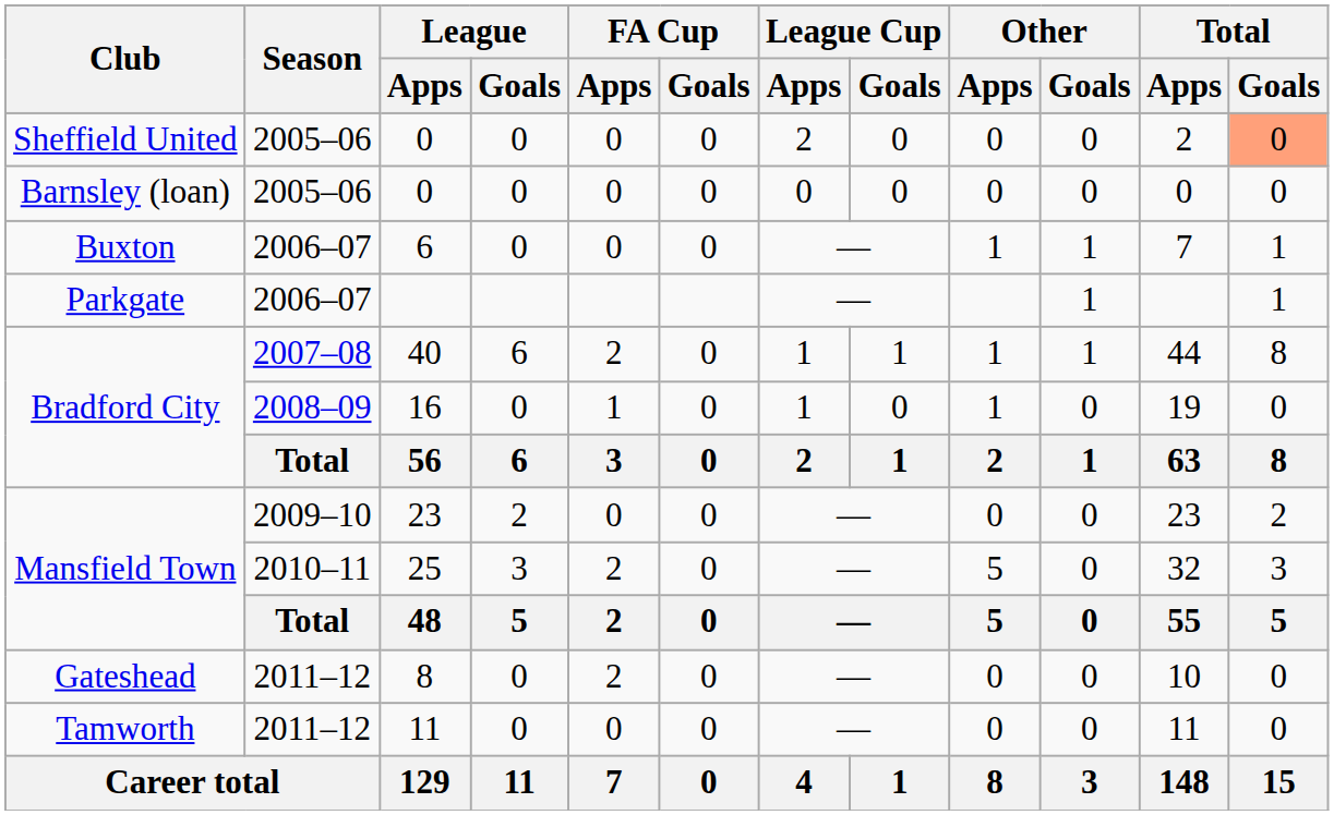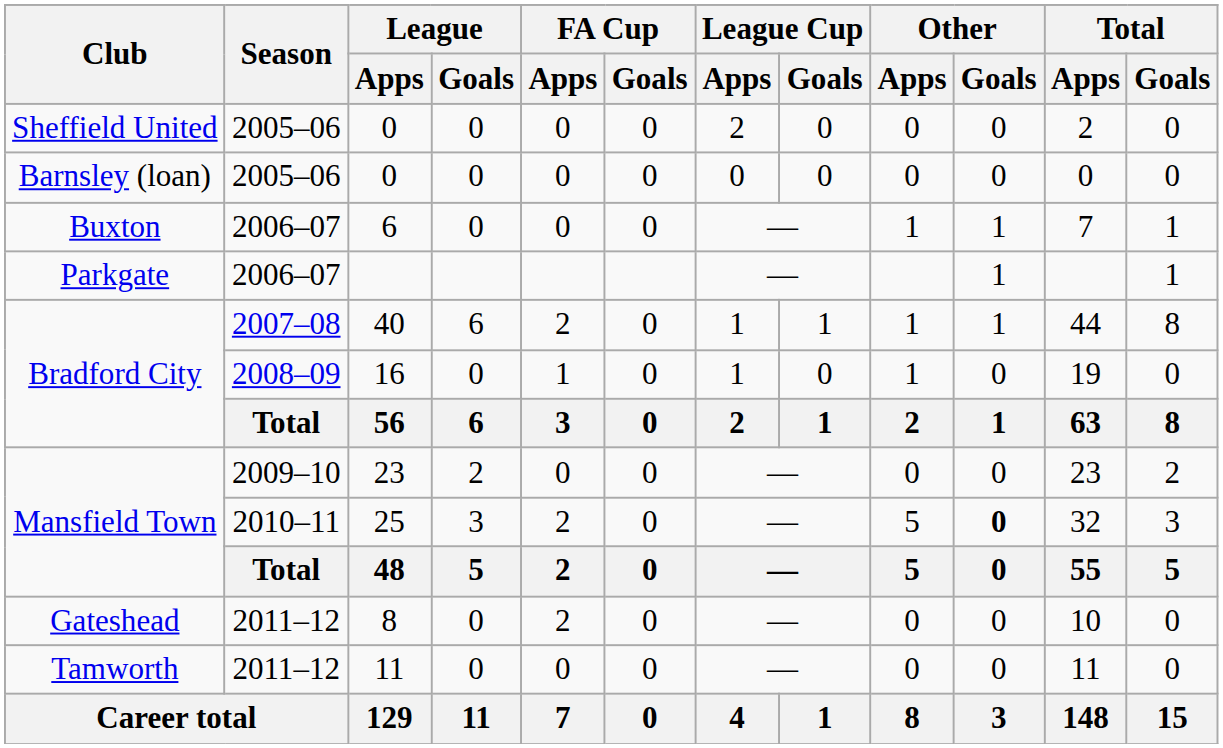 <table class="wikitable" style="text-align:center">
 <tr>
 <th rowspan="2">Club</th>
 <th rowspan="2">Season</th>
 <th colspan="2">League</th>
 <th colspan="2">FA Cup</th>
 <th colspan="2">League Cup</th>
 <th colspan="2">Other</th>
 <th colspan="2">Total</th>
 </tr>
 <tr>
 <th>Apps</th>
 <th>Goals</th>
 <th>Apps</th>
 <th>Goals</th>
 <th>Apps</th>
 <th>Goals</th>
 <th>Apps</th>
 <th>Goals</th>
 <th>Apps</th>
 <th>Goals</th>
 </tr>
 <tr>
 <td><a href='#'>Sheffield United</a></td>
 <td>2005–06</td>
 <td>0</td>
 <td>0</td>
 <td>0</td>
 <td>0</td>
 <td>2</td>
 <td>0</td>
 <td>0</td>
 <td>0</td>
 <td>2</td>
-<td style="background: lightsalmon;">0</td>
+<td>0</td>
 </tr>
 <tr>
 <td><a href='#'>Barnsley</a> (loan)</td>
 <td>2005–06</td>
 <td>0</td>
 <td>0</td>
 <td>0</td>
 <td>0</td>
 <td>0</td>
 <td>0</td>
 <td>0</td>
 <td>0</td>
 <td>0</td>
 <td>0</td>
 </tr>
 <tr>
 <td><a href='#'>Buxton</a></td>
 <td>2006–07</td>
 <td>6</td>
 <td>0</td>
 <td>0</td>
 <td>0</td>
 <td colspan="2">—</td>
 <td>1</td>
 <td>1</td>
 <td>7</td>
 <td>1</td>
 </tr>
 <tr>
 <td><a href='#'>Parkgate</a></td>
 <td>2006–07</td>
 <td></td>
 <td></td>
 <td></td>
 <td></td>
 <td colspan="2">—</td>
 <td></td>
 <td>1</td>
 <td></td>
 <td>1</td>
 </tr>
 <tr>
 <td rowspan="3"><a href='#'>Bradford City</a></td>
 <td><a href='#'>2007–08</a></td>
 <td>40</td>
 <td>6</td>
 <td>2</td>
 <td>0</td>
 <td>1</td>
 <td>1</td>
 <td>1</td>
 <td>1</td>
 <td>44</td>
 <td>8</td>
 </tr>
 <tr>
 <td><a href='#'>2008–09</a></td>
 <td>16</td>
 <td>0</td>
 <td>1</td>
 <td>0</td>
 <td>1</td>
 <td>0</td>
 <td>1</td>
 <td>0</td>
 <td>19</td>
 <td>0</td>
 </tr>
 <tr>
 <th>Total</th>
 <th>56</th>
 <th>6</th>
 <th>3</th>
 <th>0</th>
 <th>2</th>
 <th>1</th>
 <th>2</th>
 <th>1</th>
 <th>63</th>
 <th>8</th>
 </tr>
 <tr>
 <td rowspan="3"><a href='#'>Mansfield Town</a></td>
 <td>2009–10</td>
 <td>23</td>
 <td>2</td>
 <td>0</td>
 <td>0</td>
 <td colspan="2">—</td>
 <td>0</td>
 <td>0</td>
 <td>23</td>
 <td>2</td>
 </tr>
 <tr>
 <td>2010–11</td>
 <td>25</td>
 <td>3</td>
 <td>2</td>
 <td>0</td>
 <td colspan="2">—</td>
 <td>5</td>
-<td>0</td>
+<td><strong>0</strong></td>
 <td>32</td>
 <td>3</td>
 </tr>
 <tr>
 <th>Total</th>
 <th>48</th>
 <th>5</th>
 <th>2</th>
 <th>0</th>
 <th colspan="2">—</th>
 <th>5</th>
 <th>0</th>
 <th>55</th>
 <th>5</th>
 </tr>
 <tr>
 <td><a href='#'>Gateshead</a></td>
 <td>2011–12</td>
 <td>8</td>
 <td>0</td>
 <td>2</td>
 <td>0</td>
 <td colspan="2">—</td>
 <td>0</td>
 <td>0</td>
 <td>10</td>
 <td>0</td>
 </tr>
 <tr>
 <td><a href='#'>Tamworth</a></td>
 <td>2011–12</td>
 <td>11</td>
 <td>0</td>
 <td>0</td>
 <td>0</td>
 <td colspan="2">—</td>
 <td>0</td>
 <td>0</td>
 <td>11</td>
 <td>0</td>
 </tr>
 <tr>
 <th colspan="2">Career total</th>
 <th>129</th>
 <th>11</th>
 <th>7</th>
 <th>0</th>
 <th>4</th>
 <th>1</th>
 <th>8</th>
 <th>3</th>
 <th>148</th>
 <th>15</th>
 </tr>
 </table>
